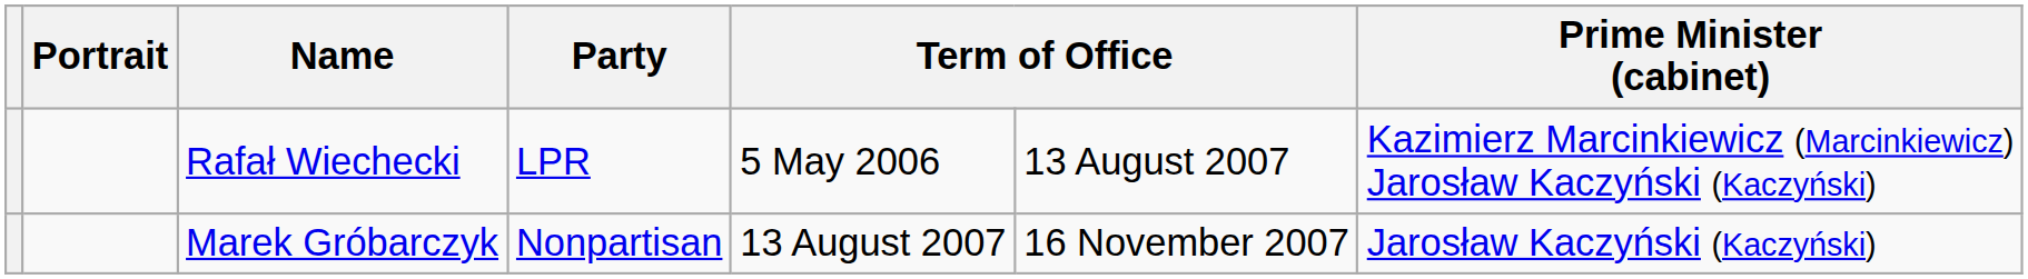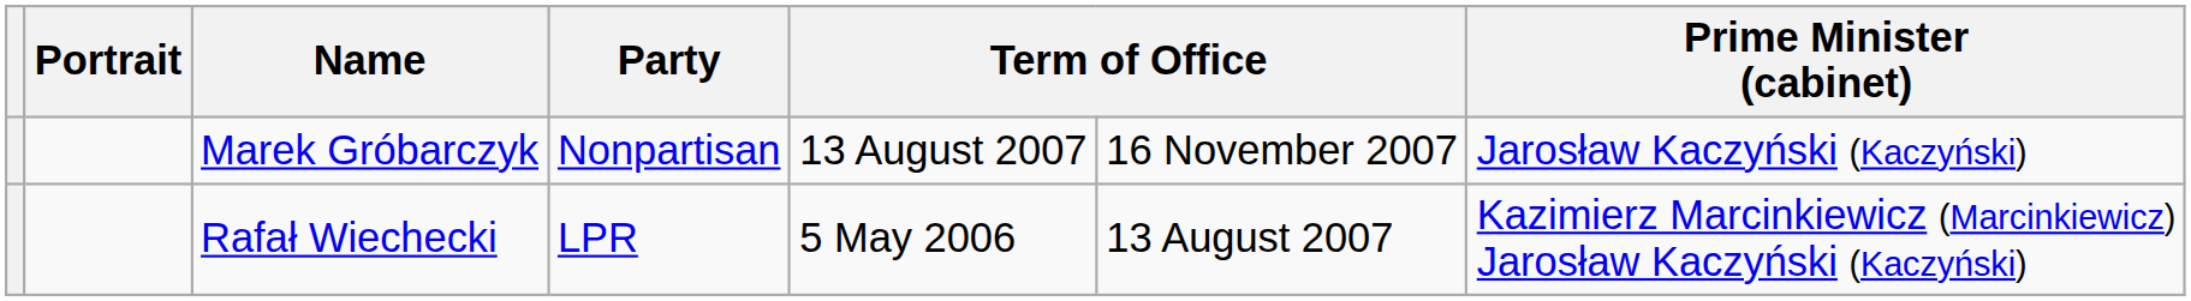 <table class="wikitable">
 <tr>
 <th></th>
 <th>Portrait</th>
 <th>Name</th>
 <th>Party</th>
 <th colspan="2">Term of Office</th>
 <th>Prime Minister<br>(cabinet)</th>
 </tr>
 <tr>
 <th style="background:"></th>
 <td></td>
+<td><a href='#'>Marek Gróbarczyk</a></td>
+<td><a href='#'>Nonpartisan</a></td>
+<td>13 August 2007</td>
+<td>16 November 2007</td>
+<td><a href='#'>Jarosław Kaczyński</a> <small>(<a href='#'>Kaczyński</a>)</small></td>
+</tr>
+<tr>
+<th style="background:"></th>
+<td></td>
 <td><a href='#'>Rafał Wiechecki</a></td>
 <td><a href='#'>LPR</a></td>
 <td>5 May 2006</td>
 <td>13 August 2007</td>
 <td><a href='#'>Kazimierz Marcinkiewicz</a> <small>(<a href='#'>Marcinkiewicz</a>)</small><br><a href='#'>Jarosław Kaczyński</a> <small>(<a href='#'>Kaczyński</a>)</small></td>
 </tr>
-<tr>
-<th style="background:"></th>
-<td></td>
-<td><a href='#'>Marek Gróbarczyk</a></td>
-<td><a href='#'>Nonpartisan</a></td>
-<td>13 August 2007</td>
-<td>16 November 2007</td>
-<td><a href='#'>Jarosław Kaczyński</a> <small>(<a href='#'>Kaczyński</a>)</small></td>
-</tr>
 </table>
